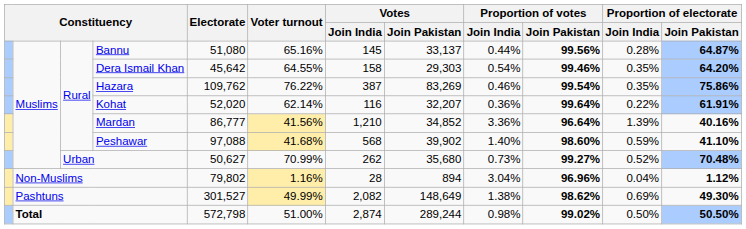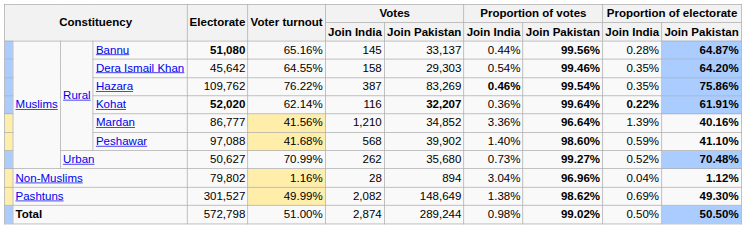 <table class="wikitable sortable">
 <tr>
 <th rowspan=2 colspan=4>Constituency</th>
 <th rowspan=2>Electorate</th>
 <th rowspan=2>Voter turnout</th>
 <th colspan=2>Votes</th>
 <th colspan=2>Proportion of votes</th>
 <th colspan=2>Proportion of electorate</th>
 </tr>
 <tr>
 <th>Join India</th>
 <th>Join Pakistan</th>
 <th>Join India</th>
 <th>Join Pakistan</th>
 <th>Join India</th>
 <th>Join Pakistan</th>
 </tr>
 <tr>
 <td style="text-align: right; background:#acf;"> </td>
 <td rowspan=7><a href='#'>Muslims</a></td>
 <td rowspan=6><a href='#'>Rural</a></td>
 <td><a href='#'>Bannu</a></td>
-<td style="text-align: right;">51,080</td>
+<td style="text-align: right;"><strong>51,080</strong></td>
 <td style="text-align: right;">65.16%</td>
 <td style="text-align: right;">145</td>
 <td style="text-align: right;">33,137</td>
 <td style="text-align: right;">0.44%</td>
 <td style="text-align: right;"><strong>99.56%</strong></td>
 <td style="text-align: right;">0.28%</td>
 <td style="text-align: right; background:#acf;"><strong>64.87%</strong></td>
 </tr>
 <tr>
 <td style="text-align: right; background:#acf;"> </td>
 <td><a href='#'>Dera Ismail Khan</a></td>
 <td style="text-align: right;">45,642</td>
 <td style="text-align: right;">64.55%</td>
 <td style="text-align: right;">158</td>
 <td style="text-align: right;">29,303</td>
 <td style="text-align: right;">0.54%</td>
 <td style="text-align: right;"><strong>99.46%</strong></td>
 <td style="text-align: right;">0.35%</td>
 <td style="text-align: right; background:#acf;"><strong>64.20%</strong></td>
 </tr>
 <tr>
 <td style="text-align: right; background:#acf;"> </td>
 <td><a href='#'>Hazara</a></td>
 <td style="text-align: right;">109,762</td>
 <td style="text-align: right;">76.22%</td>
 <td style="text-align: right;">387</td>
 <td style="text-align: right;">83,269</td>
-<td style="text-align: right;">0.46%</td>
+<td style="text-align: right;"><strong>0.46%</strong></td>
 <td style="text-align: right;"><strong>99.54%</strong></td>
 <td style="text-align: right;">0.35%</td>
 <td style="text-align: right; background:#acf;"><strong>75.86%</strong></td>
 </tr>
 <tr>
 <td style="text-align: right; background:#acf;"> </td>
 <td><a href='#'>Kohat</a></td>
-<td style="text-align: right;">52,020</td>
+<td style="text-align: right;"><strong>52,020</strong></td>
 <td style="text-align: right;">62.14%</td>
 <td style="text-align: right;">116</td>
-<td style="text-align: right;">32,207</td>
+<td style="text-align: right;"><strong>32,207</strong></td>
 <td style="text-align: right;">0.36%</td>
 <td style="text-align: right;"><strong>99.64%</strong></td>
-<td style="text-align: right;">0.22%</td>
+<td style="text-align: right;"><strong>0.22%</strong></td>
 <td style="text-align: right; background:#acf;"><strong>61.91%</strong></td>
 </tr>
 <tr>
 <td style="text-align: right; background:#fea;"> </td>
 <td><a href='#'>Mardan</a></td>
 <td style="text-align: right;">86,777</td>
 <td style="text-align: right; background:#fea;">41.56%</td>
 <td style="text-align: right;">1,210</td>
 <td style="text-align: right;">34,852</td>
 <td style="text-align: right;">3.36%</td>
 <td style="text-align: right;"><strong>96.64%</strong></td>
 <td style="text-align: right;">1.39%</td>
 <td style="text-align: right;"><strong>40.16%</strong></td>
 </tr>
 <tr>
 <td style="text-align: right; background:#fea;"> </td>
 <td><a href='#'>Peshawar</a></td>
 <td style="text-align: right;">97,088</td>
 <td style="text-align: right; background:#fea;">41.68%</td>
 <td style="text-align: right">568</td>
 <td style="text-align: right;">39,902</td>
 <td style="text-align: right;">1.40%</td>
 <td style="text-align: right;"><strong>98.60%</strong></td>
 <td style="text-align: right;">0.59%</td>
 <td style="text-align: right;"><strong>41.10%</strong></td>
 </tr>
 <tr>
 <td style="text-align: right; background:#acf;"> </td>
 <td colspan=2><a href='#'>Urban</a></td>
 <td style="text-align: right;">50,627</td>
 <td style="text-align: right;">70.99%</td>
 <td style="text-align: right;">262</td>
 <td style="text-align: right;">35,680</td>
 <td style="text-align: right;">0.73%</td>
 <td style="text-align: right;"><strong>99.27%</strong></td>
 <td style="text-align: right;">0.52%</td>
 <td style="text-align: right; background:#acf;"><strong>70.48%</strong></td>
 </tr>
 <tr>
 <td style="text-align: right; background:#fea;"> </td>
 <td colspan=3><a href='#'>Non-Muslims</a></td>
 <td style="text-align: right;">79,802</td>
 <td style="text-align: right; background:#fea;">1.16%</td>
 <td style="text-align: right;">28</td>
 <td style="text-align: right;">894</td>
 <td style="text-align: right;">3.04%</td>
 <td style="text-align: right;"><strong>96.96%</strong></td>
 <td style="text-align: right;">0.04%</td>
 <td style="text-align: right;"><strong>1.12%</strong></td>
 </tr>
 <tr>
 <td style="text-align: right; background:#fea;"> </td>
 <td colspan=3><a href='#'>Pashtuns</a></td>
 <td style="text-align: right;">301,527</td>
 <td style="text-align: right; background:#fea;">49.99%</td>
 <td style="text-align: right;">2,082</td>
 <td style="text-align: right;">148,649</td>
 <td style="text-align: right;">1.38%</td>
 <td style="text-align: right;"><strong>98.62%</strong></td>
 <td style="text-align: right;">0.69%</td>
 <td style="text-align: right;"><strong>49.30%</strong></td>
 </tr>
 <tr>
 <td style="text-align: right; background:#acf;"> </td>
 <td colspan=3><strong>Total</strong></td>
 <td style="text-align: right;">572,798</td>
 <td style="text-align: right;">51.00%</td>
 <td style="text-align: right;">2,874</td>
 <td style="text-align: right;">289,244</td>
 <td style="text-align: right;">0.98%</td>
 <td style="text-align: right;"><strong>99.02%</strong></td>
 <td style="text-align: right;">0.50%</td>
 <td style="text-align: right; background:#acf;"><strong>50.50%</strong></td>
 </tr>
 </table>
